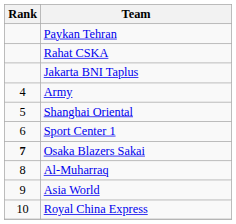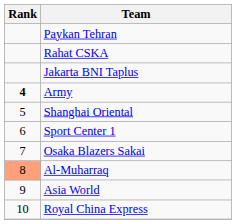 <table class="wikitable" style="text-align: center;">
 <tr>
 <th width=40>Rank</th>
 <th width=240>Team</th>
 </tr>
 <tr>
 <td></td>
 <td align="left"> <a href='#'>Paykan Tehran</a></td>
 </tr>
 <tr>
 <td></td>
 <td align="left"> <a href='#'>Rahat CSKA</a></td>
 </tr>
 <tr>
 <td></td>
 <td align="left"> <a href='#'>Jakarta BNI Taplus</a></td>
 </tr>
 <tr>
-<td>4</td>
+<td><strong>4</strong></td>
 <td align="left"> <a href='#'>Army</a></td>
 </tr>
 <tr>
 <td>5</td>
 <td align="left"> <a href='#'>Shanghai Oriental</a></td>
 </tr>
 <tr>
 <td>6</td>
 <td align="left"> <a href='#'>Sport Center 1</a></td>
 </tr>
 <tr>
-<td><strong>7</strong></td>
+<td>7</td>
 <td align="left"> <a href='#'>Osaka Blazers Sakai</a></td>
 </tr>
 <tr>
-<td>8</td>
+<td style="background: lightsalmon;">8</td>
 <td align="left"> <a href='#'>Al-Muharraq</a></td>
 </tr>
 <tr>
 <td>9</td>
 <td align="left"> <a href='#'>Asia World</a></td>
 </tr>
 <tr>
 <td>10</td>
 <td align="left"> <a href='#'>Royal China Express</a></td>
 </tr>
 <tr>
 </tr>
 </table>
